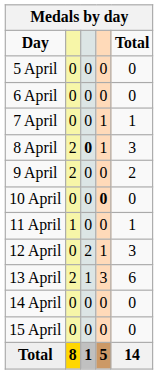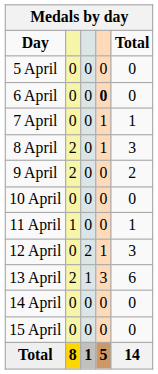 <table class="wikitable" style="font-size:85%;float:right;text-align:center">
 <tr>
 <th colspan=5><strong>Medals by day</strong></th>
 </tr>
 <tr align=center>
 <td><strong>Day</strong></td>
 <td style="background:#f7f6a8;"></td>
 <td style="background:#dce5e5;"></td>
 <td style="background:#ffdab9;"></td>
 <td><strong>Total</strong></td>
 </tr>
 <tr align=centre>
 <td>5 April</td>
 <td style="background:#f7f6a8;">0</td>
 <td style="background:#dce5e5;">0</td>
 <td style="background:#ffdab9;">0</td>
 <td>0</td>
 </tr>
 <tr align=center>
 <td>6 April</td>
 <td style="background:#f7f6a8;">0</td>
 <td style="background:#dce5e5;">0</td>
-<td style="background:#ffdab9;">0</td>
+<td style="background:#ffdab9;"><strong>0</strong></td>
 <td>0</td>
 </tr>
 <tr align=center>
 <td>7 April</td>
 <td style="background:#f7f6a8;">0</td>
 <td style="background:#dce5e5;">0</td>
 <td style="background:#ffdab9;">1</td>
 <td>1</td>
 </tr>
 <tr align=center>
 <td>8 April</td>
 <td style="background:#f7f6a8;">2</td>
-<td style="background:#dce5e5;"><strong>0</strong></td>
+<td style="background:#dce5e5;">0</td>
 <td style="background:#ffdab9;">1</td>
 <td>3</td>
 </tr>
 <tr align=center>
 <td>9 April</td>
 <td style="background:#f7f6a8;">2</td>
 <td style="background:#dce5e5;">0</td>
 <td style="background:#ffdab9;">0</td>
 <td>2</td>
 </tr>
 <tr align=center>
 <td>10 April</td>
 <td style="background:#f7f6a8;">0</td>
 <td style="background:#dce5e5;">0</td>
-<td style="background:#ffdab9;"><strong>0</strong></td>
+<td style="background:#ffdab9;">0</td>
 <td>0</td>
 </tr>
 <tr align=center>
 <td>11 April</td>
 <td style="background:#f7f6a8;">1</td>
 <td style="background:#dce5e5;">0</td>
 <td style="background:#ffdab9;">0</td>
 <td>1</td>
 </tr>
 <tr align=center>
 <td>12 April</td>
 <td style="background:#f7f6a8;">0</td>
 <td style="background:#dce5e5;">2</td>
 <td style="background:#ffdab9;">1</td>
 <td>3</td>
 </tr>
 <tr align=center>
 <td>13 April</td>
 <td style="background:#f7f6a8;">2</td>
 <td style="background:#dce5e5;">1</td>
 <td style="background:#ffdab9;">3</td>
 <td>6</td>
 </tr>
 <tr align=center>
 <td>14 April</td>
 <td style="background:#f7f6a8;">0</td>
 <td style="background:#dce5e5;">0</td>
 <td style="background:#ffdab9;">0</td>
 <td>0</td>
 </tr>
 <tr align=center>
 <td>15 April</td>
 <td style="background:#f7f6a8;">0</td>
 <td style="background:#dce5e5;">0</td>
 <td style="background:#ffdab9;">0</td>
 <td>0</td>
 </tr>
 <tr align=center>
 <th style="background:#efefef;"><strong>Total</strong></th>
 <th style="background:gold;"><strong>8</strong></th>
 <th style="background:silver;"><strong>1</strong></th>
 <th style="background:#c96;"><strong>5</strong></th>
 <th><strong>14</strong></th>
 </tr>
 </table>
